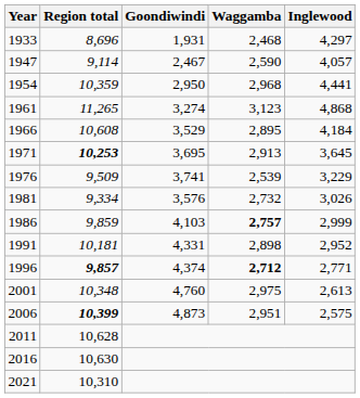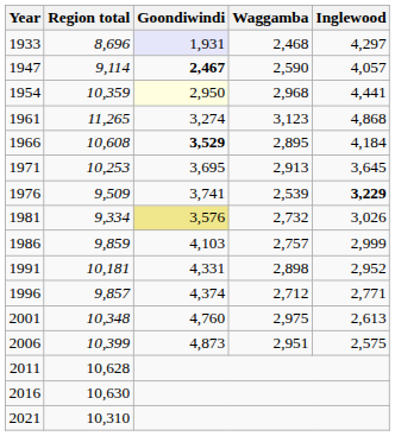 <table class="wikitable" style="text-align:right;">
 <tr>
 <th>Year</th>
 <th>Region total</th>
 <th>Goondiwindi</th>
 <th>Waggamba</th>
 <th>Inglewood</th>
 </tr>
 <tr>
 <td>1933</td>
 <td><em>8,696</em></td>
-<td>1,931</td>
+<td style="background: lavender;">1,931</td>
 <td>2,468</td>
 <td>4,297</td>
 </tr>
 <tr>
 <td>1947</td>
 <td><em>9,114</em></td>
-<td>2,467</td>
+<td><strong>2,467</strong></td>
 <td>2,590</td>
 <td>4,057</td>
 </tr>
 <tr>
 <td>1954</td>
 <td><em>10,359</em></td>
-<td>2,950</td>
+<td style="background: lightyellow;">2,950</td>
 <td>2,968</td>
 <td>4,441</td>
 </tr>
 <tr>
 <td>1961</td>
 <td><em>11,265</em></td>
 <td>3,274</td>
 <td>3,123</td>
 <td>4,868</td>
 </tr>
 <tr>
 <td>1966</td>
 <td><em>10,608</em></td>
-<td>3,529</td>
+<td><strong>3,529</strong></td>
 <td>2,895</td>
 <td>4,184</td>
 </tr>
 <tr>
 <td>1971</td>
-<td><strong><em>10,253</em></strong></td>
+<td><em>10,253</em></td>
 <td>3,695</td>
 <td>2,913</td>
 <td>3,645</td>
 </tr>
 <tr>
 <td>1976</td>
 <td><em>9,509</em></td>
 <td>3,741</td>
 <td>2,539</td>
-<td>3,229</td>
+<td><strong>3,229</strong></td>
 </tr>
 <tr>
 <td>1981</td>
 <td><em>9,334</em></td>
-<td>3,576</td>
+<td style="background: khaki;">3,576</td>
 <td>2,732</td>
 <td>3,026</td>
 </tr>
 <tr>
 <td>1986</td>
 <td><em>9,859</em></td>
 <td>4,103</td>
-<td><strong>2,757</strong></td>
+<td>2,757</td>
 <td>2,999</td>
 </tr>
 <tr>
 <td>1991</td>
 <td><em>10,181</em></td>
 <td>4,331</td>
 <td>2,898</td>
 <td>2,952</td>
 </tr>
 <tr>
 <td>1996</td>
-<td><strong><em>9,857</em></strong></td>
+<td><em>9,857</em></td>
 <td>4,374</td>
-<td><strong>2,712</strong></td>
+<td>2,712</td>
 <td>2,771</td>
 </tr>
 <tr>
 <td>2001</td>
 <td><em>10,348</em></td>
 <td>4,760</td>
 <td>2,975</td>
 <td>2,613</td>
 </tr>
 <tr>
 <td>2006</td>
-<td><strong><em>10,399</em></strong></td>
+<td><em>10,399</em></td>
 <td>4,873</td>
 <td>2,951</td>
 <td>2,575</td>
 </tr>
 <tr>
 <td>2011</td>
 <td>10,628</td>
 <td colspan=3 style="text-align: left;"></td>
 </tr>
 <tr>
 <td>2016</td>
 <td>10,630</td>
 <td colspan=3 style="text-align: left;"></td>
 </tr>
 <tr>
 <td>2021</td>
 <td>10,310</td>
 <td colspan=3 style="text-align: left;"></td>
 </tr>
 </table>
